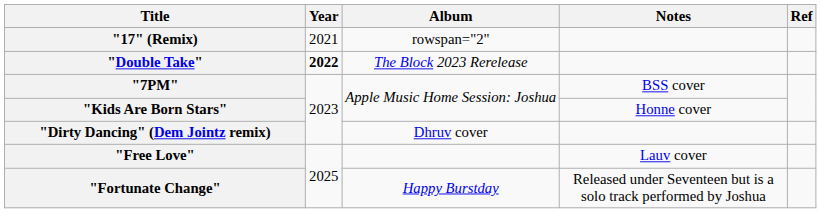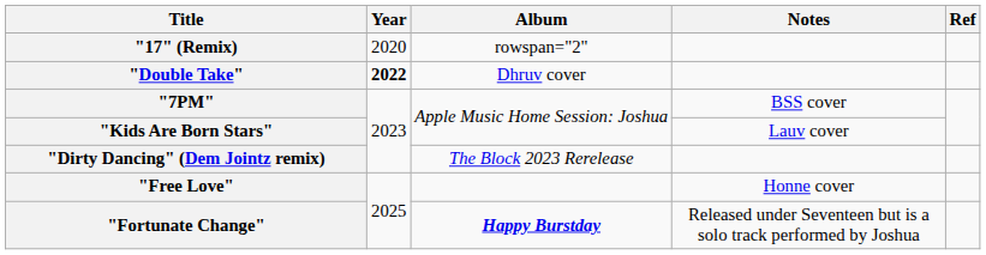 <table class="wikitable plainrowheaders" style="text-align:center">
 <tr>
 <th scope="col" style="width:20em;">Title</th>
 <th scope="col" style="width:2em;">Year</th>
 <th scope="col" rowspan="1">Album</th>
 <th scope="col" rowspan="1" style="width:15em;">Notes</th>
 <th scope="col" rowspan="1">Ref</th>
 </tr>
 <tr>
 <th scope="row">"17" (Remix)<br> </th>
-<td>2021</td>
+<td>2020</td>
 <td>rowspan="2" </td>
 <td></td>
 <td></td>
 </tr>
 <tr>
 <th scope="row">"<a href='#'>Double Take</a>"</th>
 <td><strong>2022</strong></td>
-<td><em><a href='#'>The Block</a> 2023 Rerelease</em></td>
+<td><a href='#'>Dhruv</a> cover</td>
 <td></td>
 </tr>
 <tr>
 <th scope="row">"7PM"</th>
 <td rowspan="3">2023</td>
 <td rowspan="2"><em>Apple Music Home Session: Joshua</em></td>
 <td><a href='#'>BSS</a> cover</td>
 <td rowspan="2"></td>
 </tr>
 <tr>
 <th scope="row">"Kids Are Born Stars"</th>
-<td><a href='#'>Honne</a> cover</td>
+<td><a href='#'>Lauv</a> cover</td>
 </tr>
 <tr>
 <th scope="row">"Dirty Dancing" (<a href='#'>Dem Jointz</a> remix)</th>
-<td><a href='#'>Dhruv</a> cover</td>
+<td><em><a href='#'>The Block</a> 2023 Rerelease</em></td>
 <td></td>
 <td></td>
 </tr>
 <tr>
 <th scope="row">"Free Love"</th>
 <td rowspan="2">2025</td>
 <td></td>
-<td><a href='#'>Lauv</a> cover</td>
+<td><a href='#'>Honne</a> cover</td>
 <td></td>
 </tr>
 <tr>
 <th scope="row">"Fortunate Change"</th>
-<td><em><a href='#'>Happy Burstday</a></em></td>
+<td><strong><em><a href='#'>Happy Burstday</a></em></strong></td>
 <td>Released under Seventeen but is a solo track performed by Joshua</td>
 <td></td>
 </tr>
 </table>
